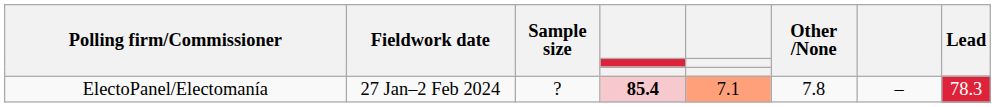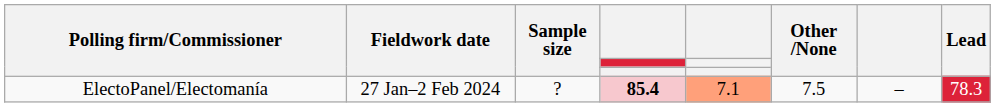 <table class="wikitable collapsible collapsed" style="text-align:center; font-size:90%; line-height:14px;">
 <tr style="height:42px;">
 <th style="width:260px;" rowspan="3">Polling firm/Commissioner</th>
 <th style="width:125px;" rowspan="3">Fieldwork date</th>
 <th style="width:60px;" rowspan="3">Sample size</th>
 <th style="width:60px;"></th>
 <th style="width:60px;"></th>
 <th style="width:60px;" rowspan="3">Other<br>/None</th>
 <th style="width:60px;" rowspan="3"></th>
 <th style="width:30px;" rowspan="3">Lead</th>
 </tr>
 <tr>
 <th style="color:inherit;background:#DD2239;"></th>
 <th style="color:inherit;background:"></th>
 </tr>
 <tr>
 <th></th>
 <th></th>
 </tr>
 <tr>
 <td>ElectoPanel/Electomanía</td>
 <td>27 Jan–2 Feb 2024</td>
 <td>?</td>
 <td style="color:inherit;background:#F7C8CE;"><strong>85.4</strong></td>
 <td style="background: lightsalmon;">7.1</td>
-<td>7.8</td>
+<td>7.5</td>
 <td>–</td>
 <td style="color:inherit;background:#DD2239; color:white;">78.3</td>
 </tr>
 </table>
